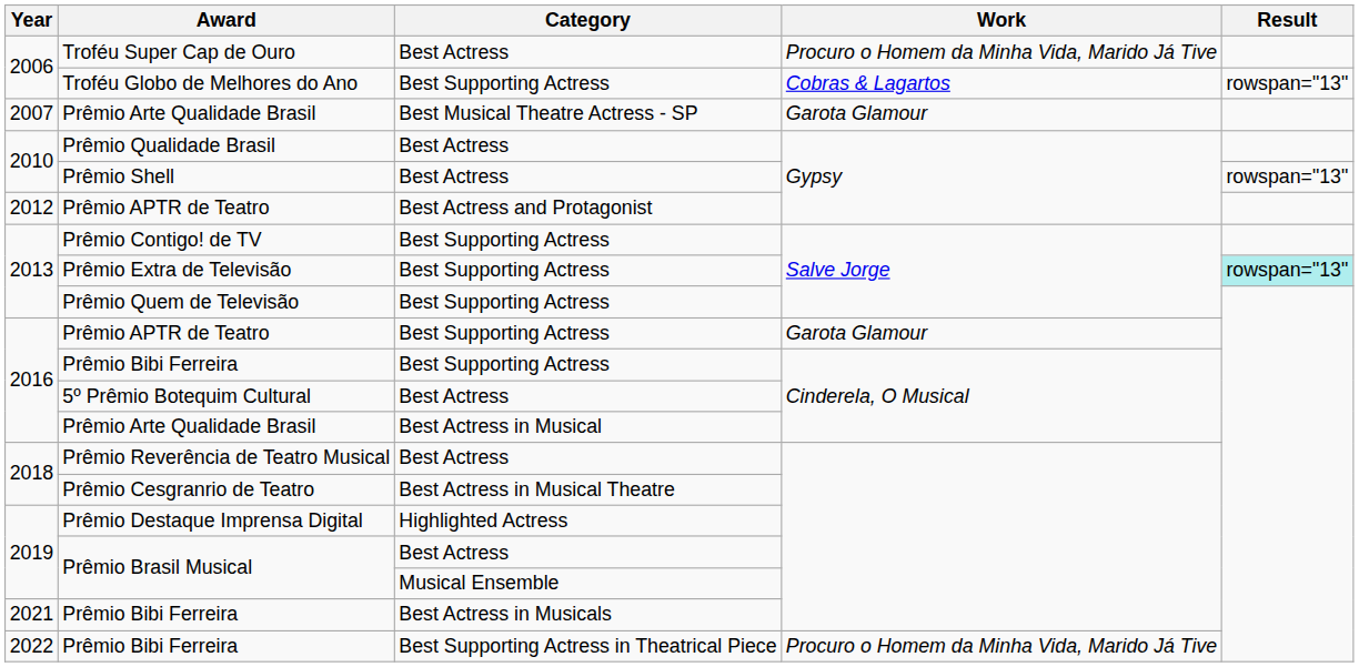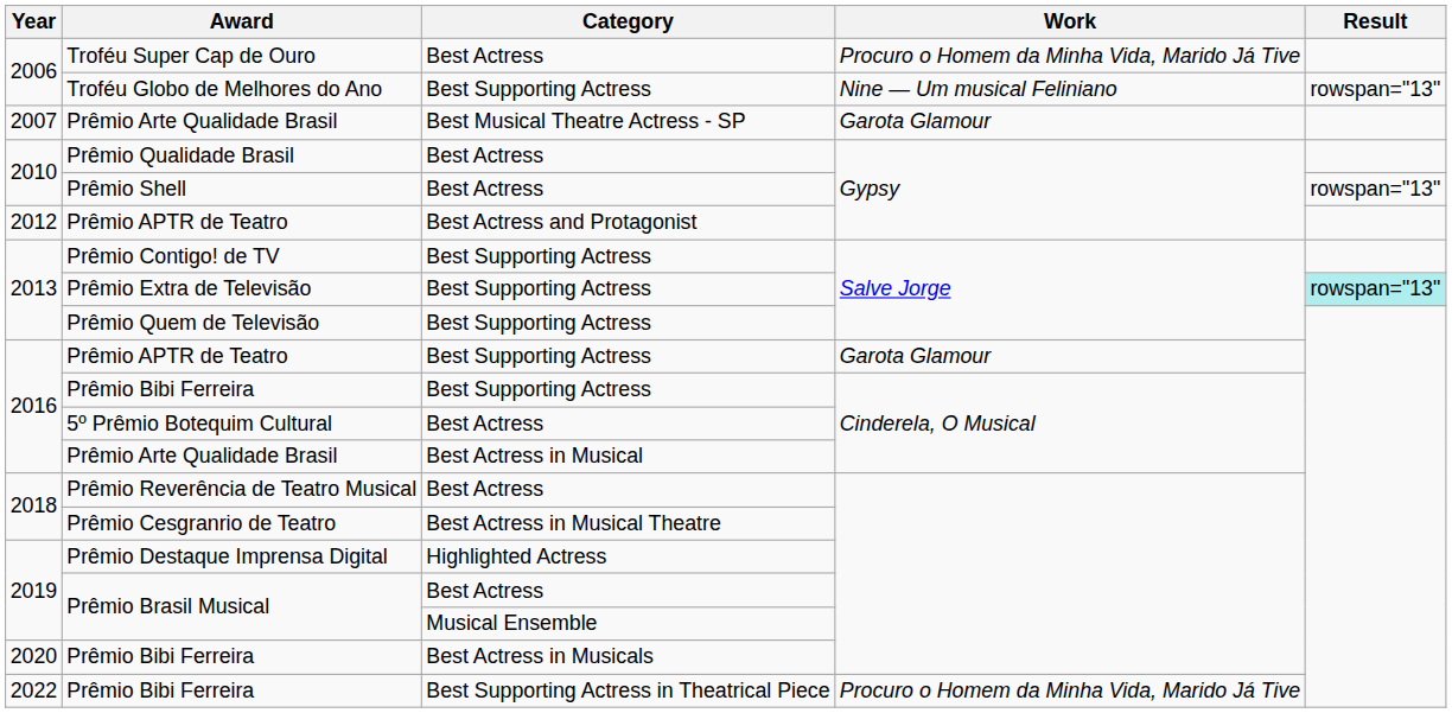 <table class="wikitable">
 <tr>
 <th>Year</th>
 <th>Award</th>
 <th>Category</th>
 <th>Work</th>
 <th>Result</th>
 </tr>
 <tr>
 <td rowspan="2">2006</td>
 <td>Troféu Super Cap de Ouro</td>
 <td>Best Actress</td>
 <td><em>Procuro o Homem da Minha Vida, Marido Já Tive</em></td>
 <td></td>
 </tr>
 <tr>
 <td>Troféu Globo de Melhores do Ano</td>
 <td>Best Supporting Actress</td>
-<td><em><a href='#'>Cobras & Lagartos</a></em></td>
+<td><em>Nine — Um musical Feliniano</em></td>
 <td>rowspan="13" </td>
 </tr>
 <tr>
 <td>2007</td>
 <td>Prêmio Arte Qualidade Brasil</td>
 <td>Best Musical Theatre Actress - SP</td>
 <td><em> Garota Glamour</em></td>
 </tr>
 <tr>
 <td rowspan="2">2010</td>
 <td>Prêmio Qualidade Brasil</td>
 <td>Best Actress</td>
 <td rowspan="3"><em>Gypsy</em></td>
 <td></td>
 </tr>
 <tr>
 <td>Prêmio Shell</td>
 <td>Best Actress</td>
 <td>rowspan="13" </td>
 </tr>
 <tr>
 <td>2012</td>
 <td>Prêmio APTR de Teatro</td>
 <td>Best Actress and Protagonist</td>
 </tr>
 <tr>
 <td rowspan="3">2013</td>
 <td>Prêmio Contigo! de TV</td>
 <td>Best Supporting Actress</td>
 <td rowspan="3"><em><a href='#'>Salve Jorge</a></em></td>
 <td></td>
 </tr>
 <tr>
 <td>Prêmio Extra de Televisão</td>
 <td>Best Supporting Actress</td>
 <td style="background: paleturquoise;">rowspan="13" </td>
 </tr>
 <tr>
 <td>Prêmio Quem de Televisão</td>
 <td>Best Supporting Actress</td>
 </tr>
 <tr>
 <td rowspan="4">2016</td>
 <td>Prêmio APTR de Teatro</td>
 <td>Best Supporting Actress</td>
 <td><em> Garota Glamour</em></td>
 </tr>
 <tr>
 <td>Prêmio Bibi Ferreira</td>
 <td>Best Supporting Actress</td>
 <td rowspan="3"><em>Cinderela, O Musical</em></td>
 </tr>
 <tr>
 <td>5º Prêmio Botequim Cultural</td>
 <td>Best Actress</td>
 </tr>
 <tr>
 <td>Prêmio Arte Qualidade Brasil</td>
 <td>Best Actress in Musical</td>
 </tr>
 <tr>
 <td rowspan="2">2018</td>
 <td>Prêmio Reverência de Teatro Musical</td>
 <td>Best Actress</td>
 <td rowspan="6"></td>
 </tr>
 <tr>
 <td>Prêmio Cesgranrio de Teatro</td>
 <td>Best Actress in Musical Theatre</td>
 </tr>
 <tr>
 <td rowspan="3">2019</td>
 <td>Prêmio Destaque Imprensa Digital</td>
 <td>Highlighted Actress</td>
 </tr>
 <tr>
 <td rowspan="2">Prêmio Brasil Musical</td>
 <td>Best Actress</td>
 </tr>
 <tr>
 <td>Musical Ensemble</td>
 </tr>
 <tr>
-<td>2021</td>
+<td>2020</td>
 <td>Prêmio Bibi Ferreira</td>
 <td>Best Actress in Musicals</td>
 </tr>
 <tr>
 <td>2022</td>
 <td>Prêmio Bibi Ferreira</td>
 <td>Best Supporting Actress in Theatrical Piece</td>
 <td><em>Procuro o Homem da Minha Vida, Marido Já Tive</em></td>
 </tr>
 </table>
